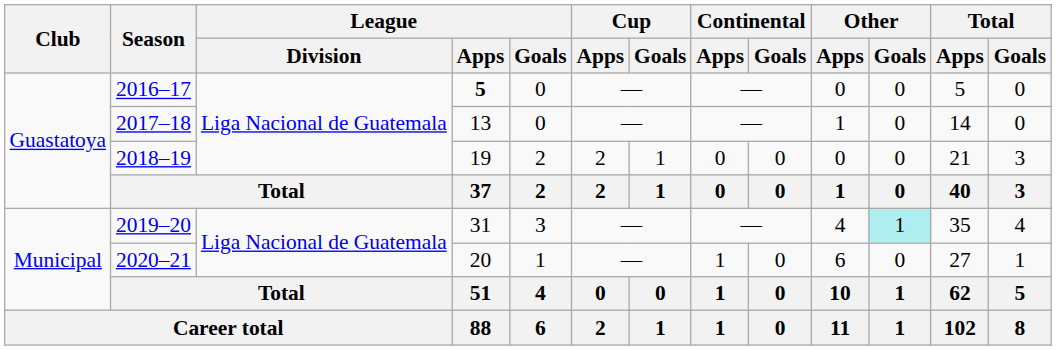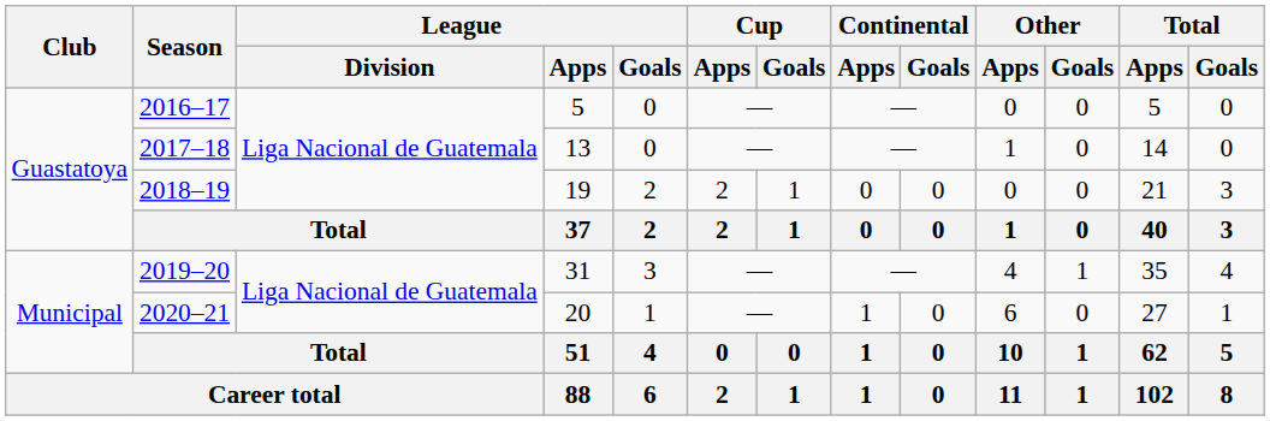 <table class="wikitable" Style="text-align: center">
 <tr>
 <th rowspan="2">Club</th>
 <th rowspan="2">Season</th>
 <th colspan="3">League</th>
 <th colspan="2">Cup</th>
 <th colspan="2">Continental</th>
 <th colspan="2">Other</th>
 <th colspan="2">Total</th>
 </tr>
 <tr>
 <th>Division</th>
 <th>Apps</th>
 <th>Goals</th>
 <th>Apps</th>
 <th>Goals</th>
 <th>Apps</th>
 <th>Goals</th>
 <th>Apps</th>
 <th>Goals</th>
 <th>Apps</th>
 <th>Goals</th>
 </tr>
 <tr>
 <td rowspan="4"><a href='#'>Guastatoya</a></td>
 <td><a href='#'>2016–17</a></td>
 <td rowspan="3"><a href='#'>Liga Nacional de Guatemala</a></td>
-<td><strong>5</strong></td>
+<td>5</td>
 <td>0</td>
 <td colspan="2">—</td>
 <td colspan="2">—</td>
 <td>0</td>
 <td>0</td>
 <td>5</td>
 <td>0</td>
 </tr>
 <tr>
 <td><a href='#'>2017–18</a></td>
 <td>13</td>
 <td>0</td>
 <td colspan="2">—</td>
 <td colspan="2">—</td>
 <td>1</td>
 <td>0</td>
 <td>14</td>
 <td>0</td>
 </tr>
 <tr>
 <td><a href='#'>2018–19</a></td>
 <td>19</td>
 <td>2</td>
 <td>2</td>
 <td>1</td>
 <td>0</td>
 <td>0</td>
 <td>0</td>
 <td>0</td>
 <td>21</td>
 <td>3</td>
 </tr>
 <tr>
 <th colspan="2">Total</th>
 <th>37</th>
 <th>2</th>
 <th>2</th>
 <th>1</th>
 <th>0</th>
 <th>0</th>
 <th>1</th>
 <th>0</th>
 <th>40</th>
 <th>3</th>
 </tr>
 <tr>
 <td rowspan="3"><a href='#'>Municipal</a></td>
 <td><a href='#'>2019–20</a></td>
 <td rowspan="2"><a href='#'>Liga Nacional de Guatemala</a></td>
 <td>31</td>
 <td>3</td>
 <td colspan="2">—</td>
 <td colspan="2">—</td>
 <td>4</td>
-<td style="background: paleturquoise;">1</td>
+<td>1</td>
 <td>35</td>
 <td>4</td>
 </tr>
 <tr>
 <td><a href='#'>2020–21</a></td>
 <td>20</td>
 <td>1</td>
 <td colspan="2">—</td>
 <td>1</td>
 <td>0</td>
 <td>6</td>
 <td>0</td>
 <td>27</td>
 <td>1</td>
 </tr>
 <tr>
 <th colspan="2">Total</th>
 <th>51</th>
 <th>4</th>
 <th>0</th>
 <th>0</th>
 <th>1</th>
 <th>0</th>
 <th>10</th>
 <th>1</th>
 <th>62</th>
 <th>5</th>
 </tr>
 <tr>
 <th colspan="3">Career total</th>
 <th>88</th>
 <th>6</th>
 <th>2</th>
 <th>1</th>
 <th>1</th>
 <th>0</th>
 <th>11</th>
 <th>1</th>
 <th>102</th>
 <th>8</th>
 </tr>
 </table>
